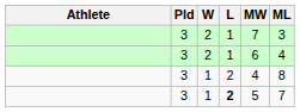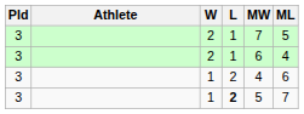 <table class="wikitable" style="text-align:center">
 <tr>
+<th width=20>Pld</th>
 <th width=200>Athlete</th>
-<th width=20>Pld</th>
 <th width=20>W</th>
 <th width=20>L</th>
 <th width=20>MW</th>
 <th width=20>ML</th>
 </tr>
 <tr bgcolor="ccffcc">
+<td>3</td>
 <td style="text-align:left"></td>
-<td>3</td>
 <td>2</td>
 <td>1</td>
 <td>7</td>
-<td>3</td>
+<td>5</td>
 </tr>
 <tr bgcolor="ccffcc">
+<td>3</td>
 <td style="text-align:left"></td>
-<td>3</td>
 <td>2</td>
 <td>1</td>
 <td>6</td>
 <td>4</td>
 </tr>
 <tr>
+<td>3</td>
 <td style="text-align:left"></td>
-<td>3</td>
 <td>1</td>
 <td>2</td>
 <td>4</td>
-<td>8</td>
+<td>6</td>
 </tr>
 <tr>
+<td>3</td>
 <td style="text-align:left"></td>
-<td>3</td>
 <td>1</td>
 <td><strong>2</strong></td>
 <td>5</td>
 <td>7</td>
 </tr>
 </table>
